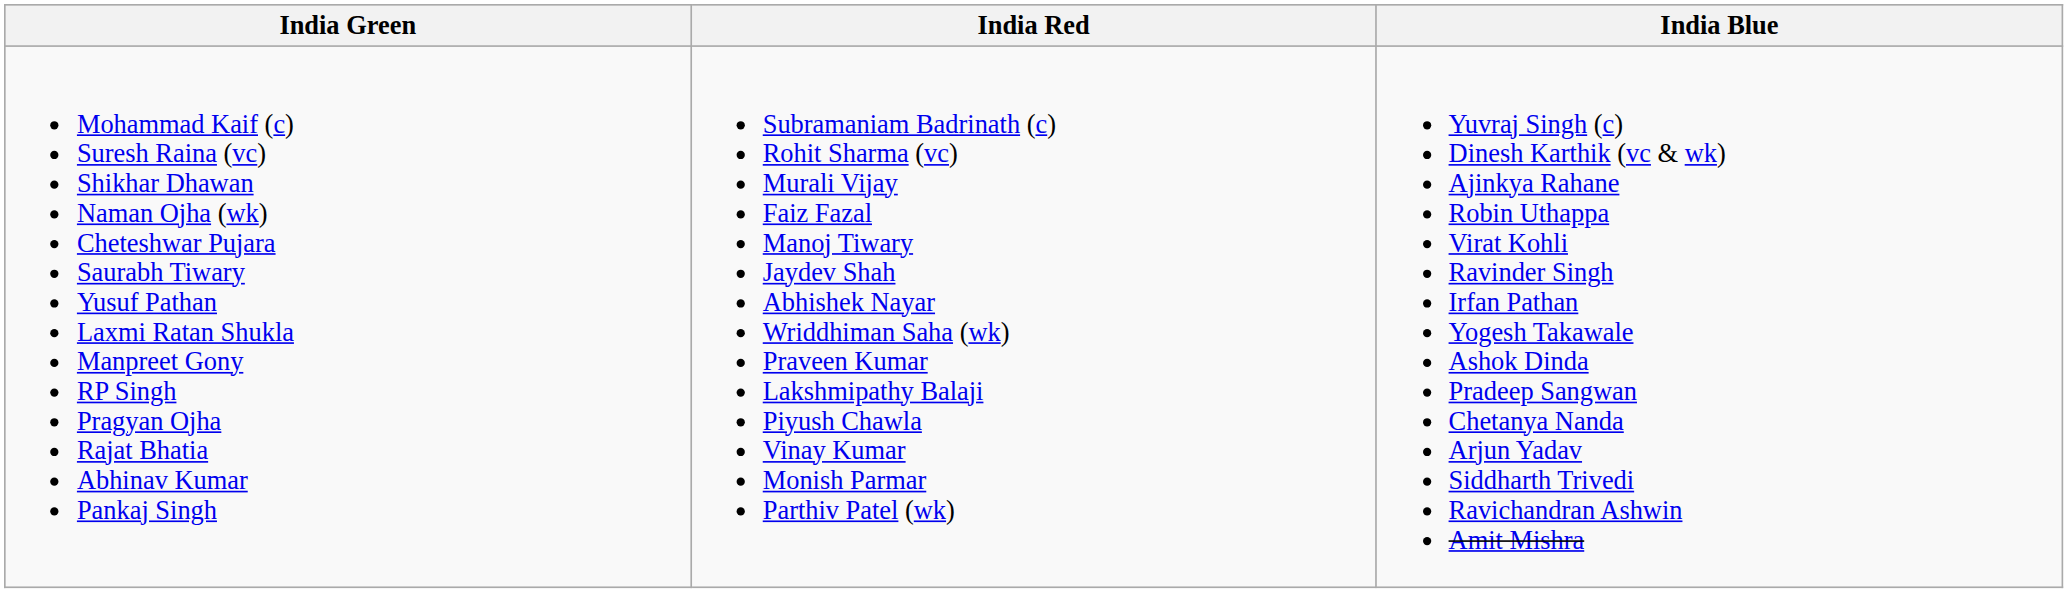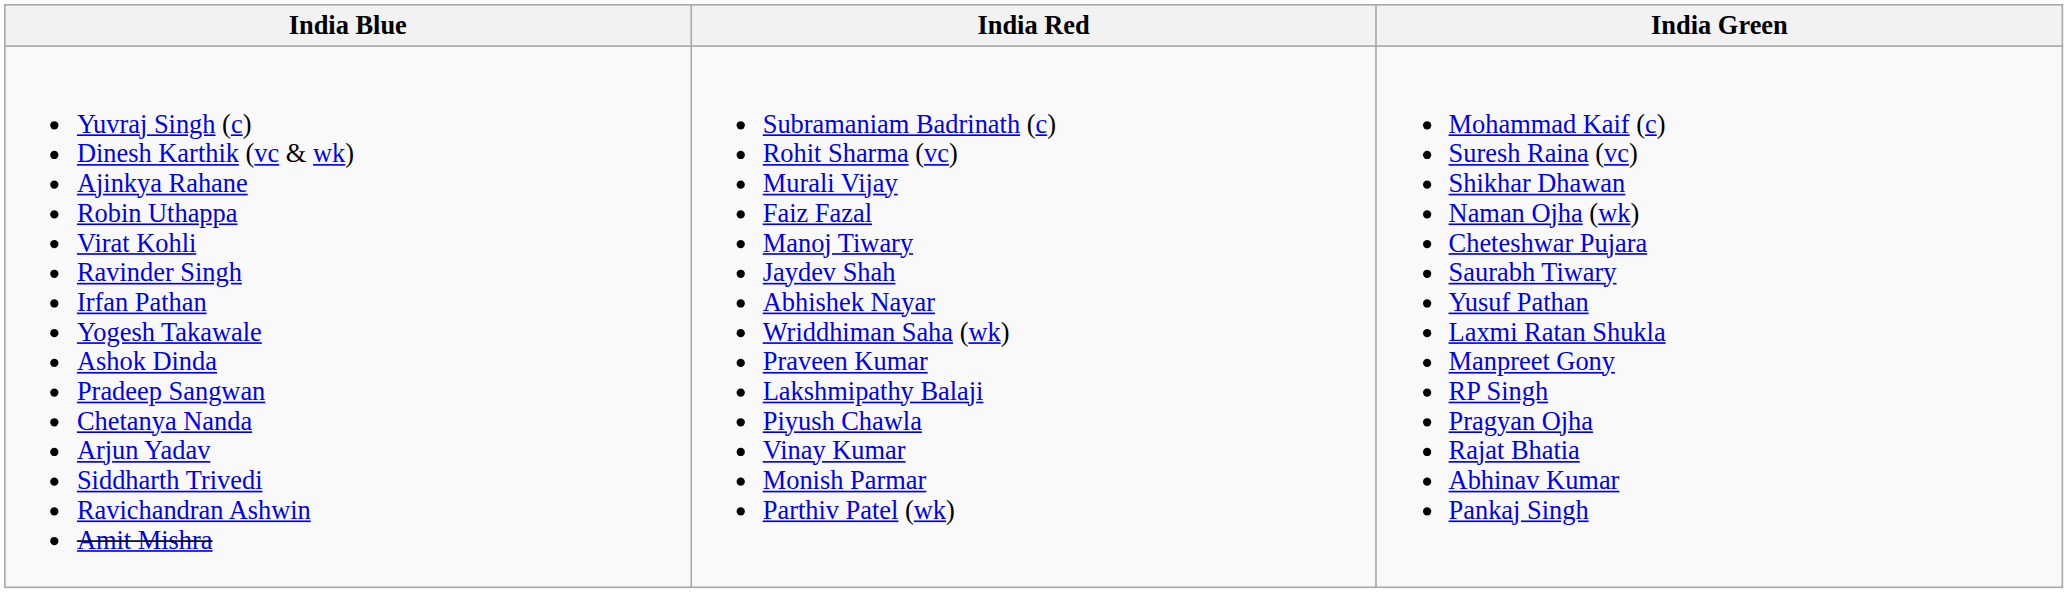 <table class="wikitable">
 <tr>
+<th style="width:15%;"> India Blue </th>
+<th style="width:15%;"> India Red </th>
 <th style="width:15%;"> India Green </th>
-<th style="width:15%;"> India Red </th>
-<th style="width:15%;"> India Blue </th>
 </tr>
 <tr style="vertical-align:top">
+<td><br><ul><li><a href='#'>Yuvraj Singh</a> (<a href='#'>c</a>)</li><li><a href='#'>Dinesh Karthik</a> (<a href='#'>vc</a> & <a href='#'>wk</a>)</li><li><a href='#'>Ajinkya Rahane</a></li><li><a href='#'>Robin Uthappa</a></li><li><a href='#'>Virat Kohli</a></li><li><a href='#'>Ravinder Singh</a></li><li><a href='#'>Irfan Pathan</a></li><li><a href='#'>Yogesh Takawale</a></li><li><a href='#'>Ashok Dinda</a></li><li><a href='#'>Pradeep Sangwan</a></li><li><a href='#'>Chetanya Nanda</a></li><li><a href='#'>Arjun Yadav</a></li><li><a href='#'>Siddharth Trivedi</a></li><li><a href='#'>Ravichandran Ashwin</a></li><li><s><a href='#'>Amit Mishra</a></s></li></ul></td>
+<td><br><ul><li><a href='#'>Subramaniam Badrinath</a> (<a href='#'>c</a>)</li><li><a href='#'>Rohit Sharma</a> (<a href='#'>vc</a>)</li><li><a href='#'>Murali Vijay</a></li><li><a href='#'>Faiz Fazal</a></li><li><a href='#'>Manoj Tiwary</a></li><li><a href='#'>Jaydev Shah</a></li><li><a href='#'>Abhishek Nayar</a></li><li><a href='#'>Wriddhiman Saha</a> (<a href='#'>wk</a>)</li><li><a href='#'>Praveen Kumar</a></li><li><a href='#'>Lakshmipathy Balaji</a></li><li><a href='#'>Piyush Chawla</a></li><li><a href='#'>Vinay Kumar</a></li><li><a href='#'>Monish Parmar</a></li><li><a href='#'>Parthiv Patel</a> (<a href='#'>wk</a>)</li></ul></td>
 <td><br><ul><li><a href='#'>Mohammad Kaif</a> (<a href='#'>c</a>)</li><li><a href='#'>Suresh Raina</a> (<a href='#'>vc</a>)</li><li><a href='#'>Shikhar Dhawan</a></li><li><a href='#'>Naman Ojha</a> (<a href='#'>wk</a>)</li><li><a href='#'>Cheteshwar Pujara</a></li><li><a href='#'>Saurabh Tiwary</a></li><li><a href='#'>Yusuf Pathan</a></li><li><a href='#'>Laxmi Ratan Shukla</a></li><li><a href='#'>Manpreet Gony</a></li><li><a href='#'>RP Singh</a></li><li><a href='#'>Pragyan Ojha</a></li><li><a href='#'>Rajat Bhatia</a></li><li><a href='#'>Abhinav Kumar</a></li><li><a href='#'>Pankaj Singh</a></li></ul></td>
-<td><br><ul><li><a href='#'>Subramaniam Badrinath</a> (<a href='#'>c</a>)</li><li><a href='#'>Rohit Sharma</a> (<a href='#'>vc</a>)</li><li><a href='#'>Murali Vijay</a></li><li><a href='#'>Faiz Fazal</a></li><li><a href='#'>Manoj Tiwary</a></li><li><a href='#'>Jaydev Shah</a></li><li><a href='#'>Abhishek Nayar</a></li><li><a href='#'>Wriddhiman Saha</a> (<a href='#'>wk</a>)</li><li><a href='#'>Praveen Kumar</a></li><li><a href='#'>Lakshmipathy Balaji</a></li><li><a href='#'>Piyush Chawla</a></li><li><a href='#'>Vinay Kumar</a></li><li><a href='#'>Monish Parmar</a></li><li><a href='#'>Parthiv Patel</a> (<a href='#'>wk</a>)</li></ul></td>
-<td><br><ul><li><a href='#'>Yuvraj Singh</a> (<a href='#'>c</a>)</li><li><a href='#'>Dinesh Karthik</a> (<a href='#'>vc</a> & <a href='#'>wk</a>)</li><li><a href='#'>Ajinkya Rahane</a></li><li><a href='#'>Robin Uthappa</a></li><li><a href='#'>Virat Kohli</a></li><li><a href='#'>Ravinder Singh</a></li><li><a href='#'>Irfan Pathan</a></li><li><a href='#'>Yogesh Takawale</a></li><li><a href='#'>Ashok Dinda</a></li><li><a href='#'>Pradeep Sangwan</a></li><li><a href='#'>Chetanya Nanda</a></li><li><a href='#'>Arjun Yadav</a></li><li><a href='#'>Siddharth Trivedi</a></li><li><a href='#'>Ravichandran Ashwin</a></li><li><s><a href='#'>Amit Mishra</a></s></li></ul></td>
 </tr>
 </table>
